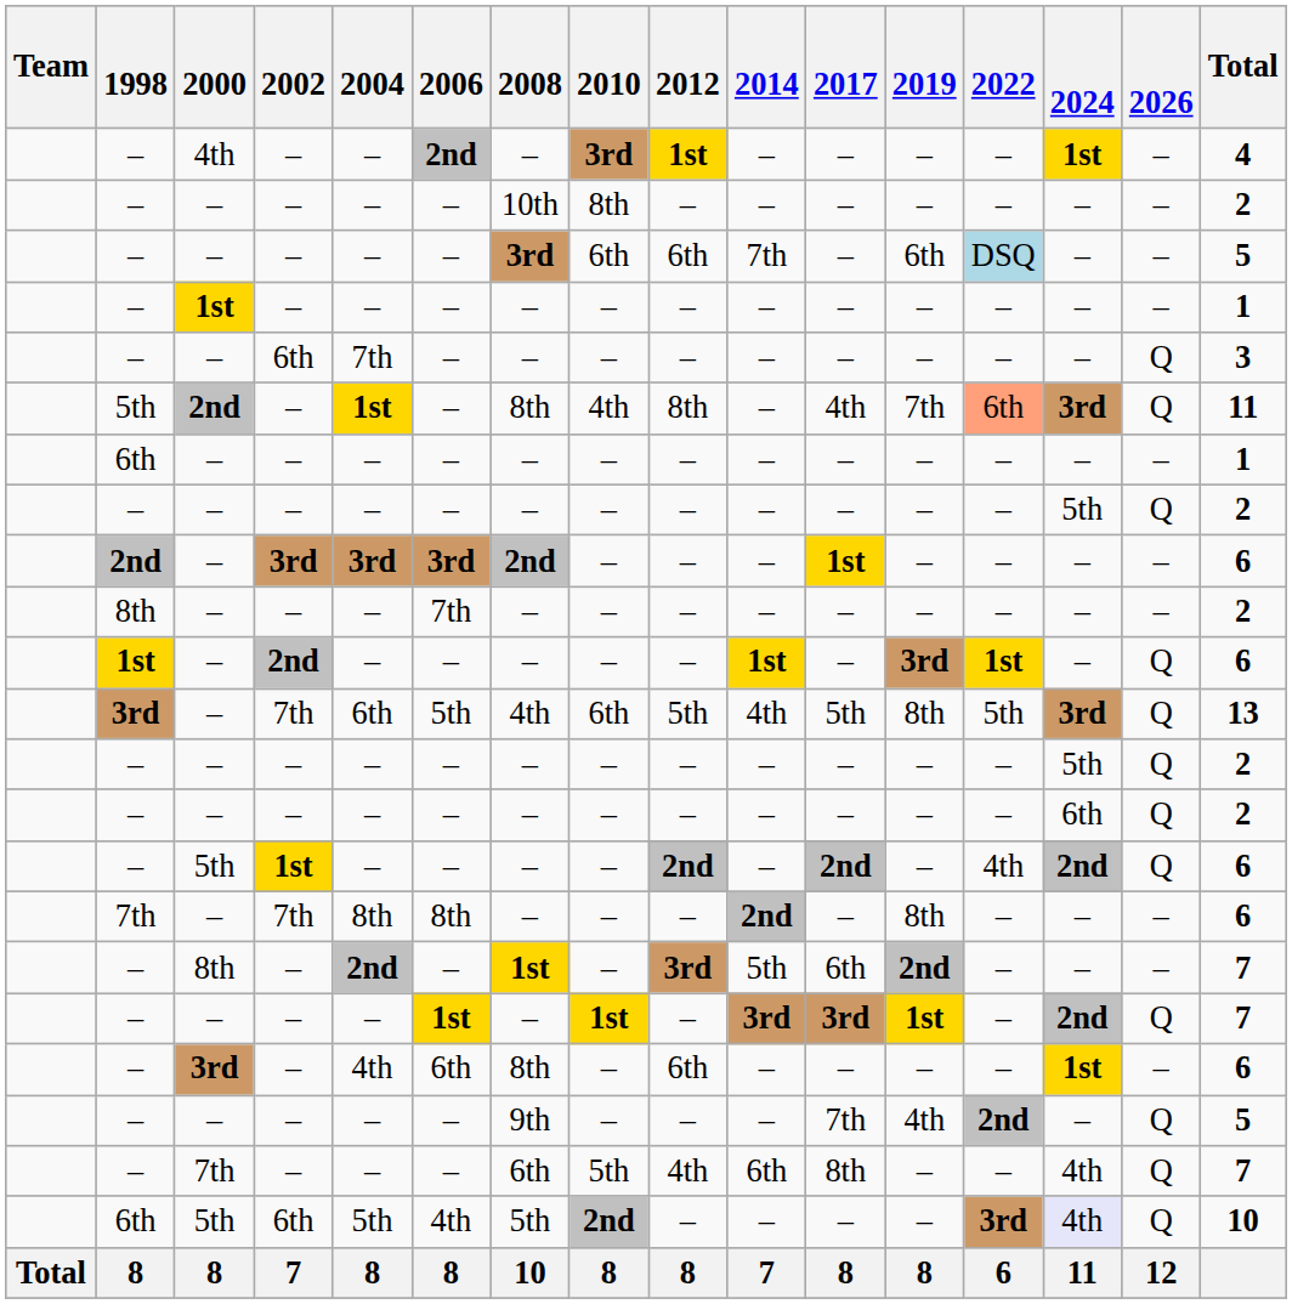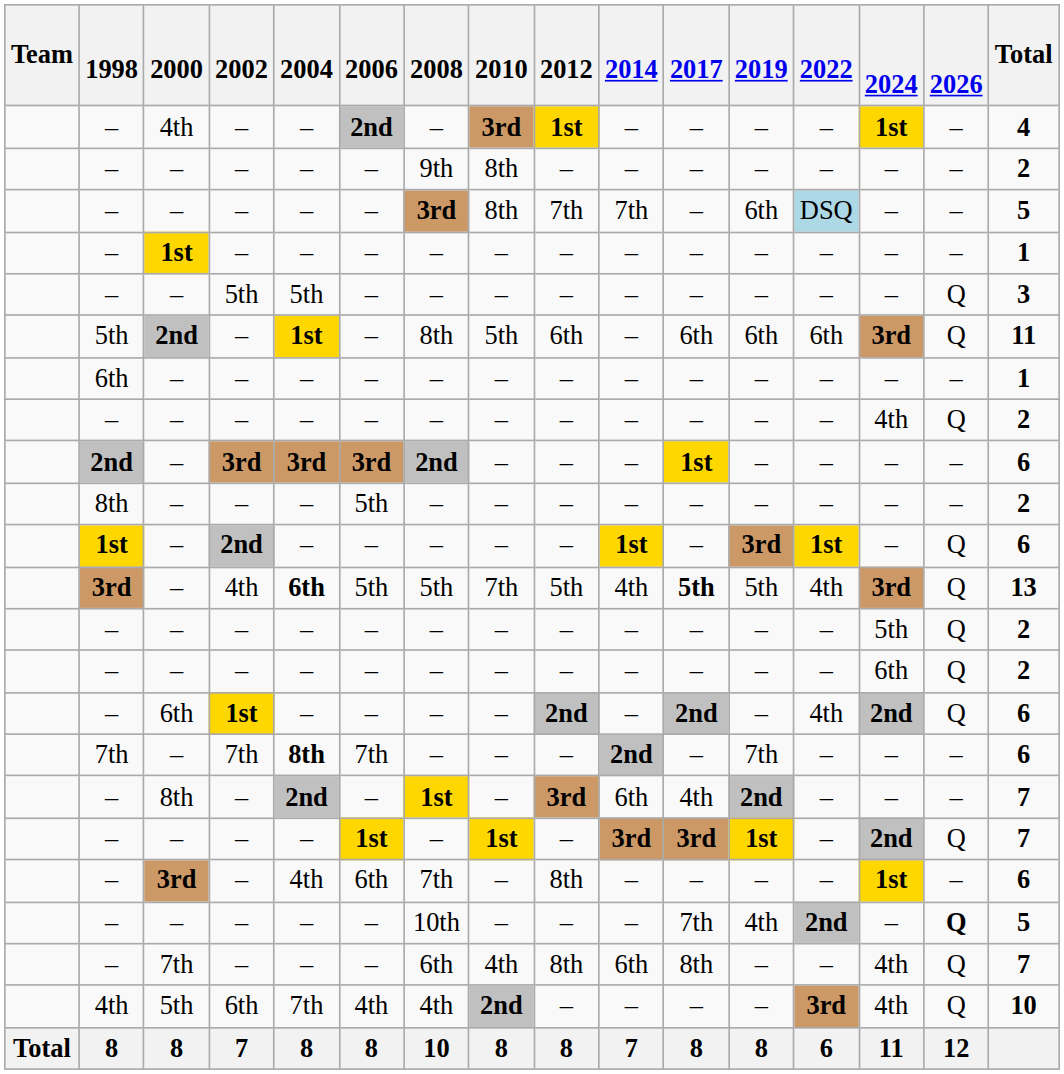 <table class="wikitable" style="text-align:center">
 <tr>
 <th>Team</th>
 <th><br>1998</th>
 <th><br>2000</th>
 <th><br>2002</th>
 <th><br>2004</th>
 <th><br>2006</th>
 <th><br>2008</th>
 <th><br>2010</th>
 <th><br>2012</th>
 <th><br><a href='#'>2014</a></th>
 <th><br><a href='#'>2017</a></th>
 <th><br><a href='#'>2019</a></th>
 <th><br><a href='#'>2022</a></th>
 <th><br><br><a href='#'>2024</a></th>
 <th><br><br><a href='#'>2026</a></th>
 <th>Total</th>
 </tr>
 <tr>
 <td align=left></td>
 <td>–</td>
 <td>4th</td>
 <td>–</td>
 <td>–</td>
 <td bgcolor=silver><strong>2nd</strong></td>
 <td>–</td>
 <td bgcolor=cc9966><strong>3rd</strong></td>
 <td bgcolor=gold><strong>1st</strong></td>
 <td>–</td>
 <td>–</td>
 <td>–</td>
 <td>–</td>
 <td bgcolor=gold><strong>1st</strong></td>
 <td>–</td>
 <td><strong>4</strong></td>
 </tr>
 <tr>
 <td align=left></td>
 <td>–</td>
 <td>–</td>
 <td>–</td>
 <td>–</td>
 <td>–</td>
-<td>10th</td>
+<td>9th</td>
 <td>8th</td>
 <td>–</td>
 <td>–</td>
 <td>–</td>
 <td>–</td>
 <td>–</td>
 <td>–</td>
 <td>–</td>
 <td><strong>2</strong></td>
 </tr>
 <tr>
 <td align=left></td>
 <td>–</td>
 <td>–</td>
 <td>–</td>
 <td>–</td>
 <td>–</td>
 <td bgcolor=cc9966><strong>3rd</strong></td>
-<td>6th</td>
-<td>6th</td>
+<td>8th</td>
+<td>7th</td>
 <td>7th</td>
 <td>–</td>
 <td>6th</td>
 <td style="background: lightblue;">DSQ</td>
 <td>–</td>
 <td>–</td>
 <td><strong>5</strong></td>
 </tr>
 <tr>
 <td align=left></td>
 <td>–</td>
 <td bgcolor=gold><strong>1st</strong></td>
 <td>–</td>
 <td>–</td>
 <td>–</td>
 <td>–</td>
 <td>–</td>
 <td>–</td>
 <td>–</td>
 <td>–</td>
 <td>–</td>
 <td>–</td>
 <td>–</td>
 <td>–</td>
 <td><strong>1</strong></td>
 </tr>
 <tr>
 <td align=left></td>
 <td>–</td>
 <td>–</td>
-<td>6th</td>
-<td>7th</td>
+<td>5th</td>
+<td>5th</td>
 <td>–</td>
 <td>–</td>
 <td>–</td>
 <td>–</td>
 <td>–</td>
 <td>–</td>
 <td>–</td>
 <td>–</td>
 <td>–</td>
 <td>Q</td>
 <td><strong>3</strong></td>
 </tr>
 <tr>
 <td align=left></td>
 <td>5th</td>
 <td bgcolor=silver><strong>2nd</strong></td>
 <td>–</td>
 <td bgcolor=gold><strong>1st</strong></td>
 <td>–</td>
 <td>8th</td>
-<td>4th</td>
-<td>8th</td>
+<td>5th</td>
+<td>6th</td>
 <td>–</td>
-<td>4th</td>
-<td>7th</td>
-<td style="background: lightsalmon;">6th</td>
+<td>6th</td>
+<td>6th</td>
+<td>6th</td>
 <td bgcolor=cc9966><strong>3rd</strong></td>
 <td>Q</td>
 <td><strong>11</strong></td>
 </tr>
 <tr>
 <td align=left></td>
 <td>6th</td>
 <td>–</td>
 <td>–</td>
 <td>–</td>
 <td>–</td>
 <td>–</td>
 <td>–</td>
 <td>–</td>
 <td>–</td>
 <td>–</td>
 <td>–</td>
 <td>–</td>
 <td>–</td>
 <td>–</td>
 <td><strong>1</strong></td>
 </tr>
 <tr>
 <td align=left></td>
 <td>–</td>
 <td>–</td>
 <td>–</td>
 <td>–</td>
 <td>–</td>
 <td>–</td>
 <td>–</td>
 <td>–</td>
 <td>–</td>
 <td>–</td>
 <td>–</td>
 <td>–</td>
-<td>5th</td>
+<td>4th</td>
 <td>Q</td>
 <td><strong>2</strong></td>
 </tr>
 <tr>
 <td align=left></td>
 <td bgcolor=silver><strong>2nd</strong></td>
 <td>–</td>
 <td bgcolor=cc9966><strong>3rd</strong></td>
 <td bgcolor=cc9966><strong>3rd</strong></td>
 <td bgcolor=cc9966><strong>3rd</strong></td>
 <td bgcolor=silver><strong>2nd</strong></td>
 <td>–</td>
 <td>–</td>
 <td>–</td>
 <td bgcolor=gold><strong>1st</strong></td>
 <td>–</td>
 <td>–</td>
 <td>–</td>
 <td>–</td>
 <td><strong>6</strong></td>
 </tr>
 <tr>
 <td align=left></td>
 <td>8th</td>
 <td>–</td>
 <td>–</td>
 <td>–</td>
-<td>7th</td>
+<td>5th</td>
 <td>–</td>
 <td>–</td>
 <td>–</td>
 <td>–</td>
 <td>–</td>
 <td>–</td>
 <td>–</td>
 <td>–</td>
 <td>–</td>
 <td><strong>2</strong></td>
 </tr>
 <tr>
 <td align=left></td>
 <td bgcolor=gold><strong>1st</strong></td>
 <td>–</td>
 <td bgcolor=silver><strong>2nd</strong></td>
 <td>–</td>
 <td>–</td>
 <td>–</td>
 <td>–</td>
 <td>–</td>
 <td bgcolor=gold><strong>1st</strong></td>
 <td>–</td>
 <td bgcolor=cc9966><strong>3rd</strong></td>
 <td bgcolor=gold><strong>1st</strong></td>
 <td>–</td>
 <td>Q</td>
 <td><strong>6</strong></td>
 </tr>
 <tr>
 <td align=left></td>
 <td bgcolor=cc9966><strong>3rd</strong></td>
 <td>–</td>
+<td>4th</td>
+<td><strong>6th</strong></td>
+<td>5th</td>
+<td>5th</td>
 <td>7th</td>
-<td>6th</td>
 <td>5th</td>
 <td>4th</td>
-<td>6th</td>
+<td><strong>5th</strong></td>
 <td>5th</td>
 <td>4th</td>
-<td>5th</td>
-<td>8th</td>
-<td>5th</td>
 <td bgcolor=cc9966><strong>3rd</strong></td>
 <td>Q</td>
 <td><strong>13</strong></td>
 </tr>
 <tr>
 <td align=left></td>
 <td>–</td>
 <td>–</td>
 <td>–</td>
 <td>–</td>
 <td>–</td>
 <td>–</td>
 <td>–</td>
 <td>–</td>
 <td>–</td>
 <td>–</td>
 <td>–</td>
 <td>–</td>
 <td>5th</td>
 <td>Q</td>
 <td><strong>2</strong></td>
 </tr>
 <tr>
 <td align=left></td>
 <td>–</td>
 <td>–</td>
 <td>–</td>
 <td>–</td>
 <td>–</td>
 <td>–</td>
 <td>–</td>
 <td>–</td>
 <td>–</td>
 <td>–</td>
 <td>–</td>
 <td>–</td>
 <td>6th</td>
 <td>Q</td>
 <td><strong>2</strong></td>
 </tr>
 <tr>
 <td align=left></td>
 <td>–</td>
-<td>5th</td>
+<td>6th</td>
 <td bgcolor=gold><strong>1st</strong></td>
 <td>–</td>
 <td>–</td>
 <td>–</td>
 <td>–</td>
 <td bgcolor=silver><strong>2nd</strong></td>
 <td>–</td>
 <td bgcolor=silver><strong>2nd</strong></td>
 <td>–</td>
 <td>4th</td>
 <td bgcolor=silver><strong>2nd</strong></td>
 <td>Q</td>
 <td><strong>6</strong></td>
 </tr>
 <tr>
 <td align=left></td>
 <td>7th</td>
 <td>–</td>
 <td>7th</td>
-<td>8th</td>
-<td>8th</td>
+<td><strong>8th</strong></td>
+<td>7th</td>
 <td>–</td>
 <td>–</td>
 <td>–</td>
 <td bgcolor=silver><strong>2nd</strong></td>
 <td>–</td>
-<td>8th</td>
+<td>7th</td>
 <td>–</td>
 <td>–</td>
 <td>–</td>
 <td><strong>6</strong></td>
 </tr>
 <tr>
 <td align=left></td>
 <td>–</td>
 <td>8th</td>
 <td>–</td>
 <td bgcolor=silver><strong>2nd</strong></td>
 <td>–</td>
 <td bgcolor=gold><strong>1st</strong></td>
 <td>–</td>
 <td bgcolor=cc9966><strong>3rd</strong></td>
-<td>5th</td>
 <td>6th</td>
+<td>4th</td>
 <td bgcolor=silver><strong>2nd</strong></td>
 <td>–</td>
 <td>–</td>
 <td>–</td>
 <td><strong>7</strong></td>
 </tr>
 <tr>
 <td align=left></td>
 <td>–</td>
 <td>–</td>
 <td>–</td>
 <td>–</td>
 <td bgcolor=gold><strong>1st</strong></td>
 <td>–</td>
 <td bgcolor=gold><strong>1st</strong></td>
 <td>–</td>
 <td bgcolor=cc9966><strong>3rd</strong></td>
 <td bgcolor=cc9966><strong>3rd</strong></td>
 <td bgcolor=gold><strong>1st</strong></td>
 <td>–</td>
 <td bgcolor=silver><strong>2nd</strong></td>
 <td>Q</td>
 <td><strong>7</strong></td>
 </tr>
 <tr>
 <td align=left></td>
 <td>–</td>
 <td bgcolor=cc9966><strong>3rd</strong></td>
 <td>–</td>
 <td>4th</td>
 <td>6th</td>
+<td>7th</td>
+<td>–</td>
 <td>8th</td>
-<td>–</td>
-<td>6th</td>
 <td>–</td>
 <td>–</td>
 <td>–</td>
 <td>–</td>
 <td bgcolor=gold><strong>1st</strong></td>
 <td>–</td>
 <td><strong>6</strong></td>
 </tr>
 <tr>
 <td align=left></td>
 <td>–</td>
 <td>–</td>
 <td>–</td>
 <td>–</td>
 <td>–</td>
-<td>9th</td>
+<td>10th</td>
 <td>–</td>
 <td>–</td>
 <td>–</td>
 <td>7th</td>
 <td>4th</td>
 <td bgcolor=silver><strong>2nd</strong></td>
 <td>–</td>
-<td>Q</td>
+<td><strong>Q</strong></td>
 <td><strong>5</strong></td>
 </tr>
 <tr>
 <td align=left></td>
 <td>–</td>
 <td>7th</td>
 <td>–</td>
 <td>–</td>
 <td>–</td>
 <td>6th</td>
-<td>5th</td>
 <td>4th</td>
+<td>8th</td>
 <td>6th</td>
 <td>8th</td>
 <td>–</td>
 <td>–</td>
 <td>4th</td>
 <td>Q</td>
 <td><strong>7</strong></td>
 </tr>
 <tr>
 <td align=left></td>
-<td>6th</td>
+<td>4th</td>
 <td>5th</td>
 <td>6th</td>
-<td>5th</td>
+<td>7th</td>
 <td>4th</td>
-<td>5th</td>
+<td>4th</td>
 <td bgcolor=silver><strong>2nd</strong></td>
 <td>–</td>
 <td>–</td>
 <td>–</td>
 <td>–</td>
 <td bgcolor=cc9966><strong>3rd</strong></td>
-<td style="background: lavender;">4th</td>
+<td>4th</td>
 <td>Q</td>
 <td><strong>10</strong></td>
 </tr>
 <tr>
 <th>Total</th>
 <th>8</th>
 <th>8</th>
 <th>7</th>
 <th>8</th>
 <th>8</th>
 <th>10</th>
 <th>8</th>
 <th>8</th>
 <th>7</th>
 <th>8</th>
 <th>8</th>
 <th>6</th>
 <th>11</th>
 <th>12</th>
 <th></th>
 </tr>
 </table>
